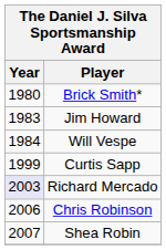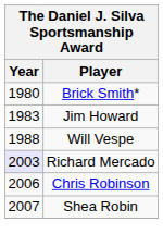 <table class="wikitable" style="display: inline-table; margin-right: 20px; text-align:center">
 <tr>
 <th scope="col" colspan="2" style="width: 145px;">The Daniel J. Silva Sportsmanship Award</th>
 </tr>
 <tr>
 <th scope="col">Year</th>
 <th scope="col">Player</th>
 </tr>
 <tr>
 <td>1980</td>
 <td><a href='#'>Brick Smith</a>*</td>
 </tr>
 <tr>
 <td>1983</td>
 <td>Jim Howard</td>
 </tr>
 <tr>
-<td>1984</td>
+<td>1988</td>
 <td>Will Vespe</td>
-</tr>
-<tr>
-<td>1999</td>
-<td>Curtis Sapp</td>
 </tr>
 <tr>
 <td style="background: lavender;">2003</td>
 <td>Richard Mercado</td>
 </tr>
 <tr>
 <td>2006</td>
 <td><a href='#'>Chris Robinson</a></td>
 </tr>
 <tr>
 <td>2007</td>
 <td>Shea Robin</td>
 </tr>
 <tr>
 </tr>
 </table>
